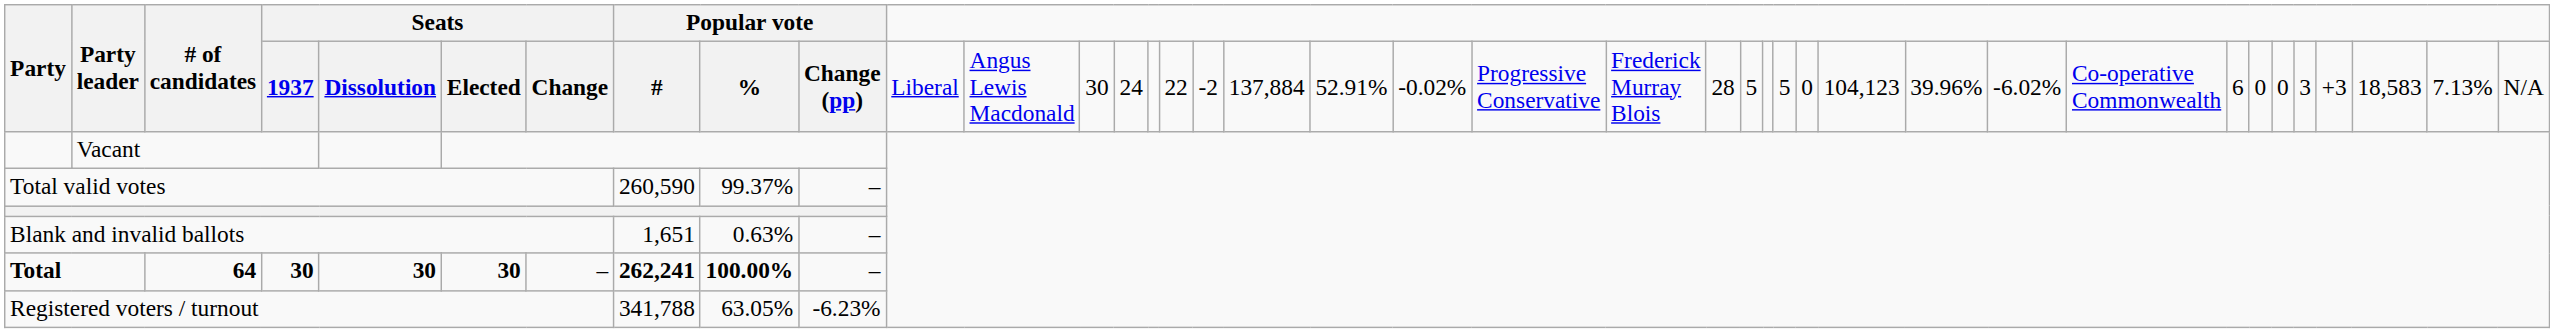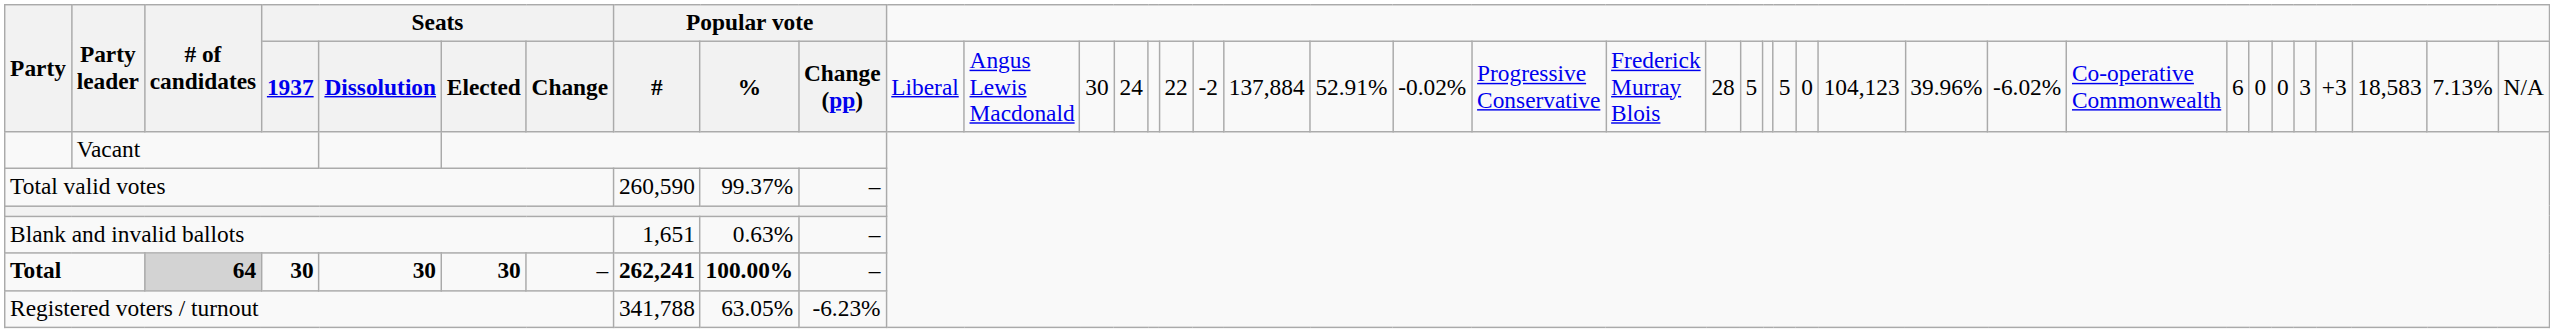 <table class="wikitable">
 <tr>
 <th rowspan="2" colspan="2">Party</th>
 <th rowspan="2">Party leader</th>
 <th rowspan="2"># of<br>candidates</th>
 <th colspan="4">Seats</th>
 <th colspan="3">Popular vote</th>
 </tr>
 <tr>
 <th><a href='#'>1937</a></th>
 <th><span><a href='#'>Dissolution</a></span></th>
 <th>Elected</th>
 <th>Change</th>
 <th>#</th>
 <th>%</th>
 <th>Change (<a href='#'>pp</a>)<br></th>
 <td><a href='#'>Liberal</a></td>
 <td><a href='#'>Angus Lewis Macdonald</a></td>
 <td align="right">30</td>
 <td align="right">24</td>
 <td align="right"></td>
 <td align="right">22</td>
 <td align="right">-2</td>
 <td align="right">137,884</td>
 <td align="right">52.91%</td>
 <td align="right">-0.02%<br></td>
 <td><a href='#'>Progressive Conservative</a></td>
 <td><a href='#'>Frederick Murray Blois</a></td>
 <td align="right">28</td>
 <td align="right">5</td>
 <td align="right"></td>
 <td align="right">5</td>
 <td align="right">0</td>
 <td align="right">104,123</td>
 <td align="right">39.96%</td>
 <td align="right">-6.02%<br></td>
 <td colspan=2><a href='#'>Co-operative Commonwealth</a></td>
 <td align="right">6</td>
 <td align="right">0</td>
 <td align="right">0</td>
 <td align="right">3</td>
 <td align="right">+3</td>
 <td align="right">18,583</td>
 <td align="right">7.13%</td>
 <td align="right">N/A</td>
 </tr>
 <tr>
 <td> </td>
 <td colspan=4>Vacant</td>
 <td align="right"></td>
 <td colspan=5> </td>
 </tr>
 <tr>
 <td colspan="8">Total valid votes</td>
 <td align="right">260,590</td>
 <td align="right">99.37%</td>
 <td align="right">–</td>
 </tr>
 <tr>
 <th colspan="11"></th>
 </tr>
 <tr>
 <td colspan="8">Blank and invalid ballots</td>
 <td align="right">1,651</td>
 <td align="right">0.63%</td>
 <td align="right">–</td>
 </tr>
 <tr>
 <td colspan=3><strong>Total</strong></td>
-<td align="right"><strong>64</strong></td>
+<td align="right" style="background: lightgrey;"><strong>64</strong></td>
 <td align="right"><strong>30</strong></td>
 <td align="right"><strong>30</strong></td>
 <td align="right"><strong>30</strong></td>
 <td align="right">–</td>
 <td align="right"><strong>262,241</strong></td>
 <td align="right"><strong>100.00%</strong></td>
 <td align="right">–</td>
 </tr>
 <tr>
 <td colspan="8">Registered voters / turnout</td>
 <td align="right">341,788</td>
 <td align="right">63.05%</td>
 <td align="right">-6.23%</td>
 </tr>
 </table>
